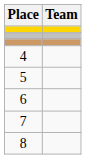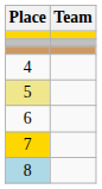 <table class="wikitable" style="text-align: center;">
 <tr>
 <th>Place</th>
 <th>Team</th>
 </tr>
 <tr style="background: gold">
 <td></td>
 <td style="text-align:left;"></td>
 </tr>
 <tr style="background: silver">
 <td></td>
 <td style="text-align:left;"></td>
 </tr>
 <tr style="background: #CC9966">
 <td></td>
 <td style="text-align:left;"></td>
 </tr>
 <tr>
 <td>4</td>
 <td style="text-align:left;"></td>
 </tr>
 <tr>
-<td>5</td>
+<td style="background: khaki;">5</td>
 <td style="text-align:left;"></td>
 </tr>
 <tr>
 <td>6</td>
 <td style="text-align:left;"></td>
 </tr>
 <tr>
-<td>7</td>
+<td style="background: gold;">7</td>
 <td style="text-align:left;"></td>
 </tr>
 <tr>
-<td>8</td>
+<td style="background: lightblue;">8</td>
 <td style="text-align:left;"></td>
 </tr>
 </table>
